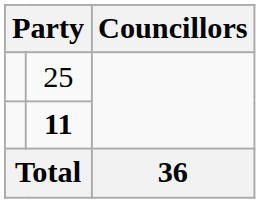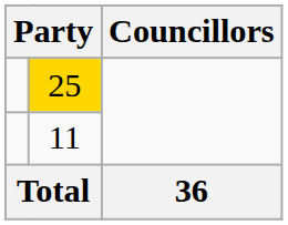 <table class="wikitable">
 <tr>
 <th colspan=2>Party</th>
 <th>Councillors</th>
 </tr>
 <tr>
 <td></td>
-<td align=center>25</td>
+<td align=center style="background: gold;">25</td>
 </tr>
 <tr>
 <td></td>
-<td align=center><strong>11</strong></td>
+<td align=center>11</td>
 </tr>
 <tr>
 <th colspan=2>Total</th>
 <th align=center>36</th>
 </tr>
 </table>
